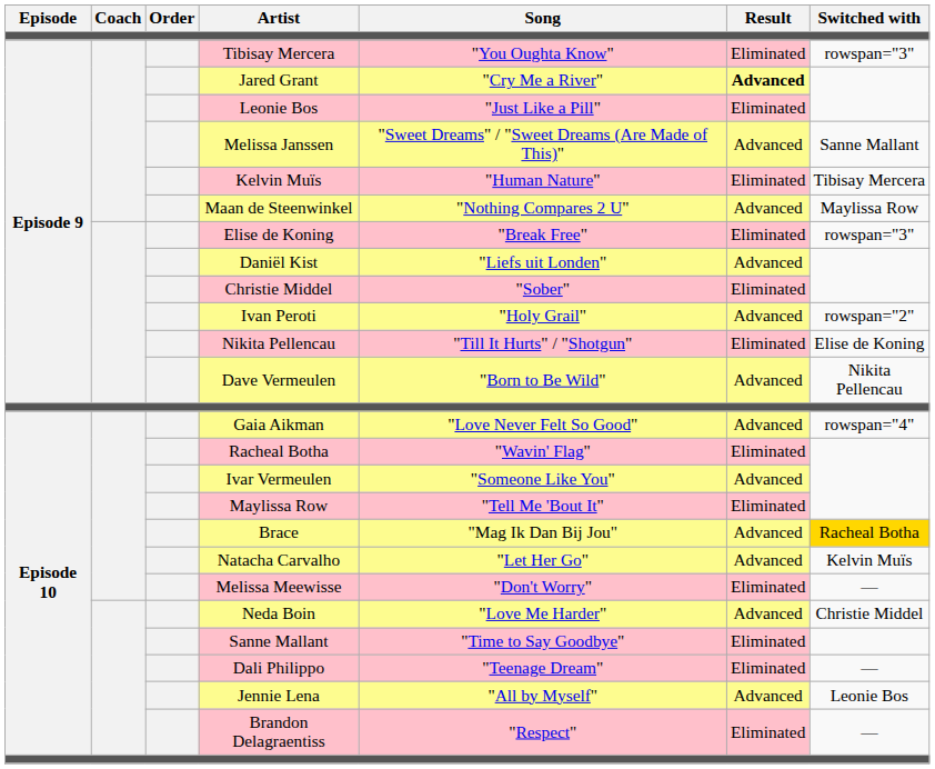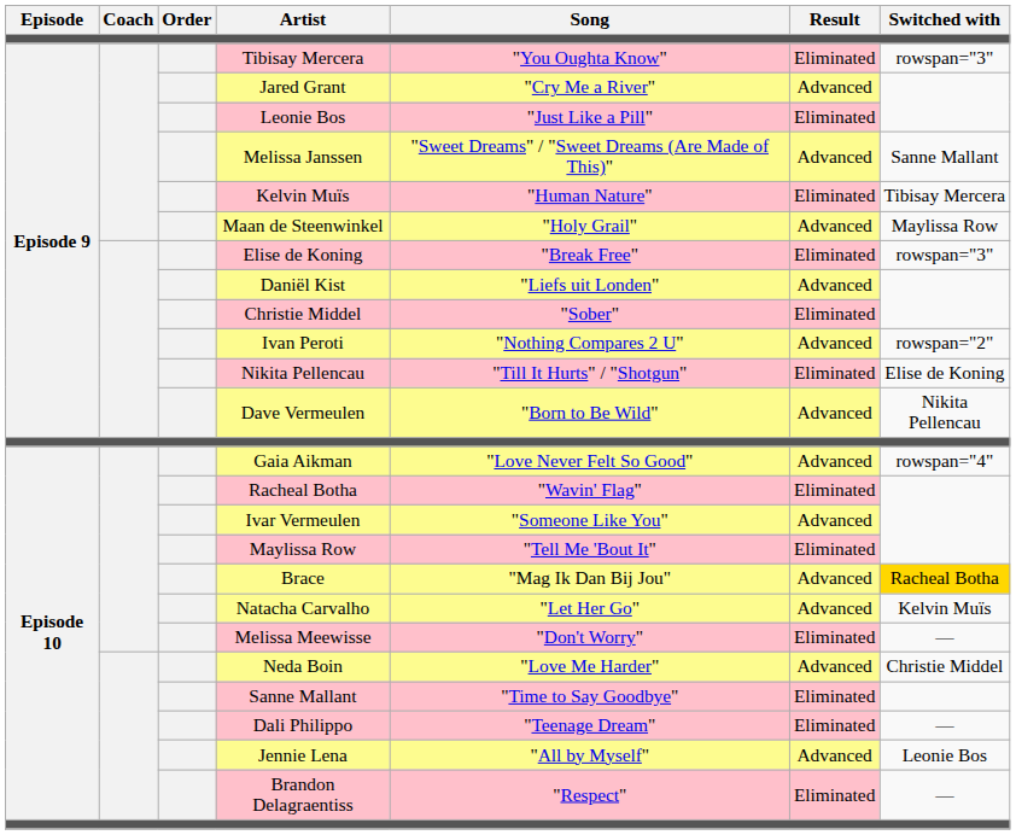 <table class="wikitable plainrowheaders" style="text-align: center;">
 <tr>
 <th scope="col">Episode</th>
 <th>Coach</th>
 <th>Order</th>
 <th>Artist</th>
 <th>Song</th>
 <th>Result</th>
 <th>Switched with</th>
 </tr>
 <tr>
 <td colspan="10" style="background:#555;"></td>
 </tr>
 <tr>
 <th rowspan="12">Episode 9<br><small></small></th>
 <th rowspan="6" scope="row"></th>
 <th scope="row"></th>
 <td style="background:pink;">Tibisay Mercera</td>
 <td style="background:pink;">"<a href='#'>You Oughta Know</a>"</td>
 <td style="background:pink;">Eliminated</td>
 <td>rowspan="3" </td>
 </tr>
 <tr>
 <th scope="row"></th>
 <td style="background:#fdfc8f;">Jared Grant</td>
 <td style="background:#fdfc8f;">"<a href='#'>Cry Me a River</a>"</td>
-<td style="background:#fdfc8f;"><strong>Advanced</strong></td>
+<td style="background:#fdfc8f;">Advanced</td>
 </tr>
 <tr>
 <th scope="row"></th>
 <td style="background:pink;">Leonie Bos</td>
 <td style="background:pink;">"<a href='#'>Just Like a Pill</a>"</td>
 <td style="background:pink;">Eliminated</td>
 </tr>
 <tr>
 <th scope="row"></th>
 <td style="background:#fdfc8f;">Melissa Janssen</td>
 <td style="background:#fdfc8f;">"<a href='#'>Sweet Dreams</a>" / "<a href='#'>Sweet Dreams (Are Made of This)</a>"</td>
 <td style="background:#fdfc8f;">Advanced</td>
 <td>Sanne Mallant</td>
 </tr>
 <tr>
 <th scope="row"></th>
 <td style="background:pink;">Kelvin Muïs</td>
 <td style="background:pink;">"<a href='#'>Human Nature</a>"</td>
 <td style="background:pink;">Eliminated</td>
 <td>Tibisay Mercera</td>
 </tr>
 <tr>
 <th scope="row"></th>
 <td style="background:#fdfc8f;">Maan de Steenwinkel</td>
-<td style="background:#fdfc8f;">"<a href='#'>Nothing Compares 2 U</a>"</td>
+<td style="background:#fdfc8f;">"<a href='#'>Holy Grail</a>"</td>
 <td style="background:#fdfc8f;">Advanced</td>
 <td>Maylissa Row</td>
 </tr>
 <tr>
 <th rowspan="6" scope="row"></th>
 <th scope="row"></th>
 <td style="background:pink;">Elise de Koning</td>
 <td style="background:pink;">"<a href='#'>Break Free</a>"</td>
 <td style="background:pink;">Eliminated</td>
 <td>rowspan="3" </td>
 </tr>
 <tr>
 <th scope="row"></th>
 <td style="background:#fdfc8f;">Daniël Kist</td>
 <td style="background:#fdfc8f;">"<a href='#'>Liefs uit Londen</a>"</td>
 <td style="background:#fdfc8f;">Advanced</td>
 </tr>
 <tr>
 <th scope="row"></th>
 <td style="background:pink;">Christie Middel</td>
 <td style="background:pink;">"<a href='#'>Sober</a>"</td>
 <td style="background:pink;">Eliminated</td>
 </tr>
 <tr>
 <th scope="row"></th>
 <td style="background:#fdfc8f;">Ivan Peroti</td>
-<td style="background:#fdfc8f;">"<a href='#'>Holy Grail</a>"</td>
+<td style="background:#fdfc8f;">"<a href='#'>Nothing Compares 2 U</a>"</td>
 <td style="background:#fdfc8f;">Advanced</td>
 <td>rowspan="2" </td>
 </tr>
 <tr>
 <th scope="row"></th>
 <td style="background:pink;">Nikita Pellencau</td>
 <td style="background:pink;">"<a href='#'>Till It Hurts</a>" / "<a href='#'>Shotgun</a>"</td>
 <td style="background:pink;">Eliminated</td>
 <td>Elise de Koning</td>
 </tr>
 <tr>
 <th scope="row"></th>
 <td style="background:#fdfc8f;">Dave Vermeulen</td>
 <td style="background:#fdfc8f;">"<a href='#'>Born to Be Wild</a>"</td>
 <td style="background:#fdfc8f;">Advanced</td>
 <td>Nikita Pellencau</td>
 </tr>
 <tr>
 <td colspan="10" style="background:#555;"></td>
 </tr>
 <tr>
 <th rowspan="12">Episode 10<br><small></small></th>
 <th rowspan="7" scope="row"></th>
 <th scope="row"></th>
 <td style="background:#fdfc8f;">Gaia Aikman</td>
 <td style="background:#fdfc8f;">"<a href='#'>Love Never Felt So Good</a>"</td>
 <td style="background:#fdfc8f;">Advanced</td>
 <td>rowspan="4" </td>
 </tr>
 <tr>
 <th scope="row"></th>
 <td style="background:pink;">Racheal Botha</td>
 <td style="background:pink;">"<a href='#'>Wavin' Flag</a>"</td>
 <td style="background:pink;">Eliminated</td>
 </tr>
 <tr>
 <th scope="row"></th>
 <td style="background:#fdfc8f;">Ivar Vermeulen</td>
 <td style="background:#fdfc8f;">"<a href='#'>Someone Like You</a>"</td>
 <td style="background:#fdfc8f;">Advanced</td>
 </tr>
 <tr>
 <th scope="row"></th>
 <td style="background:pink;">Maylissa Row</td>
 <td style="background:pink;">"<a href='#'>Tell Me 'Bout It</a>"</td>
 <td style="background:pink;">Eliminated</td>
 </tr>
 <tr>
 <th scope="row"></th>
 <td style="background:#fdfc8f;">Brace</td>
 <td style="background:#fdfc8f;">"Mag Ik Dan Bij Jou"</td>
 <td style="background:#fdfc8f;">Advanced</td>
 <td style="background: gold;">Racheal Botha</td>
 </tr>
 <tr>
 <th scope="row"></th>
 <td style="background:#fdfc8f;">Natacha Carvalho</td>
 <td style="background:#fdfc8f;">"<a href='#'>Let Her Go</a>"</td>
 <td style="background:#fdfc8f;">Advanced</td>
 <td>Kelvin Muïs</td>
 </tr>
 <tr>
 <th scope="row"></th>
 <td style="background:pink;">Melissa Meewisse</td>
 <td style="background:pink;">"<a href='#'>Don't Worry</a>"</td>
 <td style="background:pink;">Eliminated</td>
 <td>—</td>
 </tr>
 <tr>
 <th rowspan="5" scope="row"></th>
 <th scope="row"></th>
 <td style="background:#fdfc8f;">Neda Boin</td>
 <td style="background:#fdfc8f;">"<a href='#'>Love Me Harder</a>"</td>
 <td style="background:#fdfc8f;">Advanced</td>
 <td>Christie Middel</td>
 </tr>
 <tr>
 <th scope="row"></th>
 <td style="background:pink;">Sanne Mallant</td>
 <td style="background:pink;">"<a href='#'>Time to Say Goodbye</a>"</td>
 <td style="background:pink;">Eliminated</td>
 </tr>
 <tr>
 <th scope="row"></th>
 <td style="background:pink;">Dali Philippo</td>
 <td style="background:pink;">"<a href='#'>Teenage Dream</a>"</td>
 <td style="background:pink;">Eliminated</td>
 <td>—</td>
 </tr>
 <tr>
 <th scope="row"></th>
 <td style="background:#fdfc8f;">Jennie Lena</td>
 <td style="background:#fdfc8f;">"<a href='#'>All by Myself</a>"</td>
 <td style="background:#fdfc8f;">Advanced</td>
 <td>Leonie Bos</td>
 </tr>
 <tr>
 <th scope="row"></th>
 <td style="background:pink;">Brandon Delagraentiss</td>
 <td style="background:pink;">"<a href='#'>Respect</a>"</td>
 <td style="background:pink;">Eliminated</td>
 <td>—</td>
 </tr>
 <tr>
 <td colspan="10" style="background:#555;"></td>
 </tr>
 <tr>
 </tr>
 </table>
